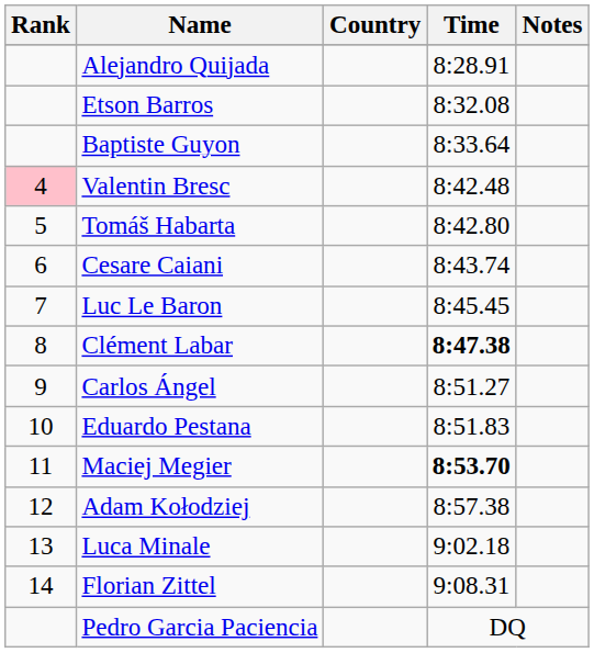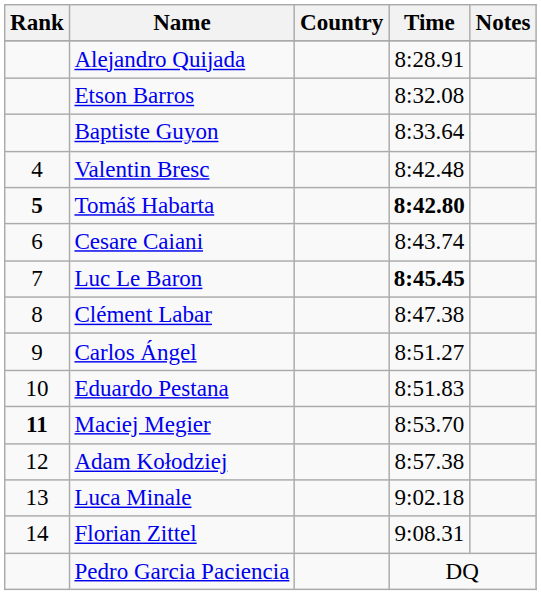 <table class="wikitable sortable" style="text-align:center">
 <tr>
 <th>Rank</th>
 <th>Name</th>
 <th>Country</th>
 <th>Time</th>
 <th>Notes</th>
 </tr>
 <tr>
 </tr>
 <tr>
 <td></td>
 <td align=left><a href='#'>Alejandro Quijada</a></td>
 <td align=left></td>
 <td>8:28.91</td>
 <td></td>
 </tr>
 <tr>
 <td></td>
 <td align=left><a href='#'>Etson Barros</a></td>
 <td align=left></td>
 <td>8:32.08</td>
 <td></td>
 </tr>
 <tr>
 <td></td>
 <td align=left><a href='#'>Baptiste Guyon</a></td>
 <td align=left></td>
 <td>8:33.64</td>
 <td></td>
 </tr>
 <tr>
-<td style="background: pink;">4</td>
+<td>4</td>
 <td align=left><a href='#'>Valentin Bresc</a></td>
 <td align=left></td>
 <td>8:42.48</td>
 <td></td>
 </tr>
 <tr>
-<td>5</td>
+<td><strong>5</strong></td>
 <td align=left><a href='#'>Tomáš Habarta</a></td>
 <td align=left></td>
-<td>8:42.80</td>
+<td><strong>8:42.80</strong></td>
 <td></td>
 </tr>
 <tr>
 <td>6</td>
 <td align=left><a href='#'>Cesare Caiani</a></td>
 <td align=left></td>
 <td>8:43.74</td>
 <td></td>
 </tr>
 <tr>
 <td>7</td>
 <td align=left><a href='#'>Luc Le Baron</a></td>
 <td align=left></td>
-<td>8:45.45</td>
+<td><strong>8:45.45</strong></td>
 <td></td>
 </tr>
 <tr>
 <td>8</td>
 <td align=left><a href='#'>Clément Labar</a></td>
 <td align=left></td>
-<td><strong>8:47.38</strong></td>
+<td>8:47.38</td>
 <td></td>
 </tr>
 <tr>
 <td>9</td>
 <td align=left><a href='#'>Carlos Ángel</a></td>
 <td align=left></td>
 <td>8:51.27</td>
 <td></td>
 </tr>
 <tr>
 <td>10</td>
 <td align=left><a href='#'>Eduardo Pestana</a></td>
 <td align=left></td>
 <td>8:51.83</td>
 <td></td>
 </tr>
 <tr>
-<td>11</td>
+<td><strong>11</strong></td>
 <td align=left><a href='#'>Maciej Megier</a></td>
 <td align=left></td>
-<td><strong>8:53.70</strong></td>
+<td>8:53.70</td>
 <td></td>
 </tr>
 <tr>
 <td>12</td>
 <td align=left><a href='#'>Adam Kołodziej</a></td>
 <td align=left></td>
 <td>8:57.38</td>
 <td></td>
 </tr>
 <tr>
 <td>13</td>
 <td align=left><a href='#'>Luca Minale</a></td>
 <td align=left></td>
 <td>9:02.18</td>
 <td></td>
 </tr>
 <tr>
 <td>14</td>
 <td align=left><a href='#'>Florian Zittel</a></td>
 <td align=left></td>
 <td>9:08.31</td>
 <td></td>
 </tr>
 <tr>
 <td></td>
 <td align=left><a href='#'>Pedro Garcia Paciencia</a></td>
 <td align=left></td>
 <td colspan=2>DQ</td>
 </tr>
 </table>
